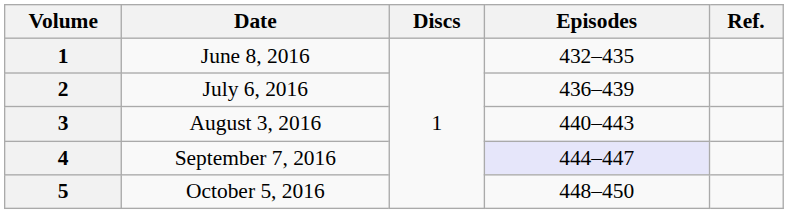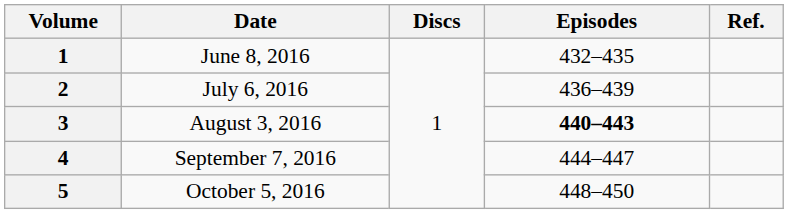 <table class="wikitable" style="text-align:center;">
 <tr>
 <th scope="col" style="width:5em;">Volume</th>
 <th scope="col" style="width:12em;">Date</th>
 <th scope="col" style="width:4em;">Discs</th>
 <th scope="col" style="width:10em;">Episodes</th>
 <th scope="col" style="width:3em;">Ref.</th>
 </tr>
 <tr>
 <th scope="row">1</th>
 <td>June 8, 2016</td>
 <td rowspan="5">1</td>
 <td>432–435</td>
 <td></td>
 </tr>
 <tr>
 <th scope="row">2</th>
 <td>July 6, 2016</td>
 <td>436–439</td>
 <td></td>
 </tr>
 <tr>
 <th scope="row">3</th>
 <td>August 3, 2016</td>
-<td>440–443</td>
+<td><strong>440–443</strong></td>
 <td></td>
 </tr>
 <tr>
 <th scope="row">4</th>
 <td>September 7, 2016</td>
-<td style="background: lavender;">444–447</td>
+<td>444–447</td>
 <td></td>
 </tr>
 <tr>
 <th scope="row">5</th>
 <td>October 5, 2016</td>
 <td>448–450</td>
 <td></td>
 </tr>
 </table>
